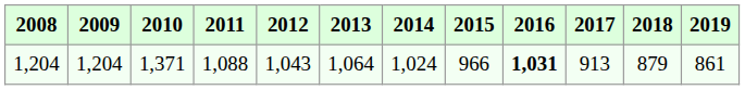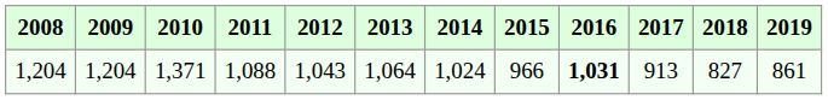 <table rules="all" cellspacing="0" cellpadding="6" style="border-left: 1px solid #999; border-right: 1px solid #999; border-bottom: 1px solid #999; border-top: 1px solid #999; background: #f3fff3">
 <tr style="background: #ddffdd">
 <th>2008</th>
 <th>2009</th>
 <th>2010</th>
 <th>2011</th>
 <th>2012</th>
 <th>2013</th>
 <th>2014</th>
 <th>2015</th>
 <th>2016</th>
 <th>2017</th>
 <th>2018</th>
 <th>2019</th>
 </tr>
 <tr>
 <td align=center>1,204</td>
 <td align=center>1,204</td>
 <td align=center>1,371</td>
 <td align=center>1,088</td>
 <td align=center>1,043</td>
 <td align=center>1,064</td>
 <td align=center>1,024</td>
 <td align=center>966</td>
 <td align=center><strong>1,031</strong></td>
 <td align=center>913</td>
-<td align=center>879</td>
+<td align=center>827</td>
 <td align=center>861</td>
 </tr>
 </table>
